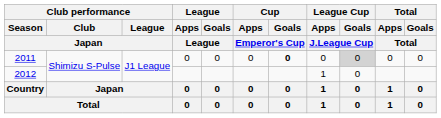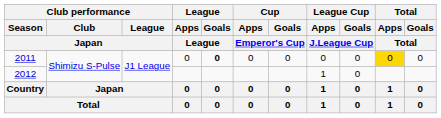 <table class="wikitable" style="text-align:center;">
 <tr>
 <th colspan=3>Club performance</th>
 <th colspan=2>League</th>
 <th colspan=2>Cup</th>
 <th colspan=2>League Cup</th>
 <th colspan=2>Total</th>
 </tr>
 <tr>
 <th>Season</th>
 <th>Club</th>
 <th>League</th>
 <th>Apps</th>
 <th>Goals</th>
 <th>Apps</th>
 <th>Goals</th>
 <th>Apps</th>
 <th>Goals</th>
 <th>Apps</th>
 <th>Goals</th>
 </tr>
 <tr>
 <th colspan=3>Japan</th>
 <th colspan=2>League</th>
 <th colspan=2><a href='#'>Emperor's Cup</a></th>
 <th colspan=2><a href='#'>J.League Cup</a></th>
 <th colspan=2>Total</th>
 </tr>
 <tr>
 <td><a href='#'>2011</a></td>
 <td rowspan="2"><a href='#'>Shimizu S-Pulse</a></td>
 <td rowspan="2"><a href='#'>J1 League</a></td>
 <td>0</td>
+<td><strong>0</strong></td>
 <td>0</td>
 <td>0</td>
-<td><strong>0</strong></td>
 <td>0</td>
-<td style="background: lightgrey;">0</td>
 <td>0</td>
+<td style="background: gold;">0</td>
 <td>0</td>
 </tr>
 <tr>
 <td><a href='#'>2012</a></td>
 <td></td>
 <td></td>
 <td></td>
 <td></td>
 <td>1</td>
 <td>0</td>
 <td></td>
 <td></td>
 </tr>
 <tr>
 <th rowspan=1>Country</th>
 <th colspan=2>Japan</th>
 <th>0</th>
 <th>0</th>
 <th>0</th>
 <th>0</th>
 <th>1</th>
 <th>0</th>
 <th>1</th>
 <th>0</th>
 </tr>
 <tr>
 <th colspan=3>Total</th>
 <th>0</th>
 <th>0</th>
 <th>0</th>
 <th>0</th>
 <th>1</th>
 <th>0</th>
 <th>1</th>
 <th>0</th>
 </tr>
 </table>
